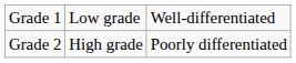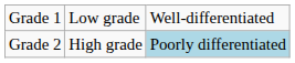 <table class=wikitable>
 <tr>
 <td>Grade 1</td>
 <td>Low grade</td>
 <td>Well-differentiated</td>
 </tr>
 <tr>
 <td>Grade 2</td>
 <td>High grade</td>
-<td>Poorly differentiated</td>
+<td style="background: lightblue;">Poorly differentiated</td>
 </tr>
 </table>
